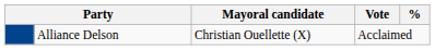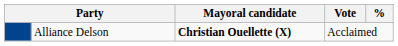 <table class="wikitable">
 <tr>
 <th bgcolor="#DDDDFF" width="230px" colspan="2">Party</th>
 <th bgcolor="#DDDDFF" width="200px">Mayoral candidate</th>
 <th bgcolor="#DDDDFF" width="50px">Vote</th>
 <th bgcolor="#DDDDFF" width="30px">%</th>
 </tr>
 <tr>
 <td bgcolor=#01448D width="30px"> </td>
 <td>Alliance Delson</td>
-<td>Christian Ouellette (X)</td>
+<td><strong>Christian Ouellette (X)</strong></td>
 <td colspan="2">Acclaimed</td>
 </tr>
 </table>
